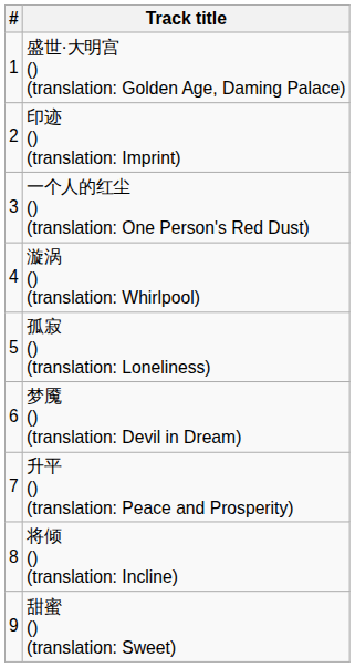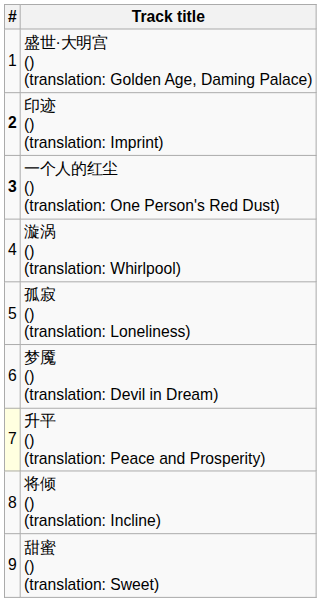 <table class="wikitable">
 <tr>
 <th>#</th>
 <th>Track title</th>
 </tr>
 <tr>
 <td>1</td>
 <td>盛世·大明宫<br>()<br>(translation: Golden Age, Daming Palace)</td>
 </tr>
 <tr>
-<td>2</td>
+<td><strong>2</strong></td>
 <td>印迹<br>()<br>(translation: Imprint)</td>
 </tr>
 <tr>
-<td>3</td>
+<td><strong>3</strong></td>
 <td>一个人的红尘<br>()<br>(translation: One Person's Red Dust)</td>
 </tr>
 <tr>
 <td>4</td>
 <td>漩涡<br>()<br>(translation: Whirlpool)</td>
 </tr>
 <tr>
 <td>5</td>
 <td>孤寂<br>()<br>(translation: Loneliness)</td>
 </tr>
 <tr>
 <td>6</td>
 <td>梦魇<br>()<br>(translation: Devil in Dream)</td>
 </tr>
 <tr>
-<td>7</td>
+<td style="background: lightyellow;">7</td>
 <td>升平<br>()<br>(translation: Peace and Prosperity)</td>
 </tr>
 <tr>
 <td>8</td>
 <td>将倾<br>()<br>(translation: Incline)</td>
 </tr>
 <tr>
 <td>9</td>
 <td>甜蜜<br>()<br>(translation: Sweet)</td>
 </tr>
 </table>
